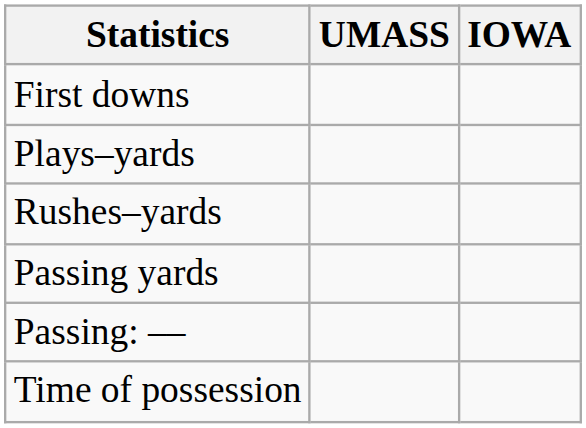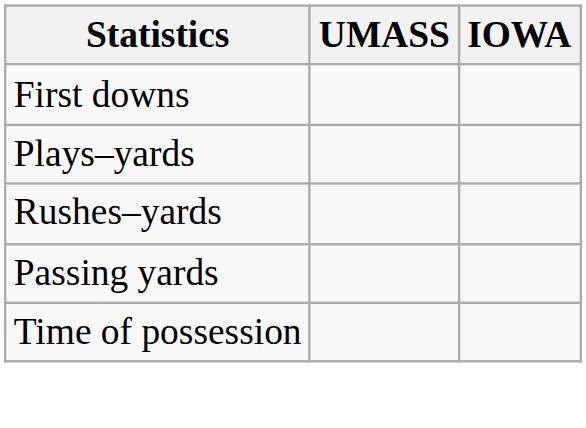 <table class="wikitable" style="float:left">
 <tr>
 <th>Statistics</th>
 <th>UMASS</th>
 <th>IOWA</th>
 </tr>
 <tr>
 <td>First downs</td>
 <td></td>
 <td></td>
 </tr>
 <tr>
 <td>Plays–yards</td>
 <td></td>
 <td></td>
 </tr>
 <tr>
 <td>Rushes–yards</td>
 <td></td>
 <td></td>
 </tr>
 <tr>
 <td>Passing yards</td>
 <td></td>
 <td></td>
 </tr>
 <tr>
-<td>Passing: ––</td>
-<td></td>
-<td></td>
-</tr>
-<tr>
 <td>Time of possession</td>
 <td></td>
 <td></td>
 </tr>
 </table>
